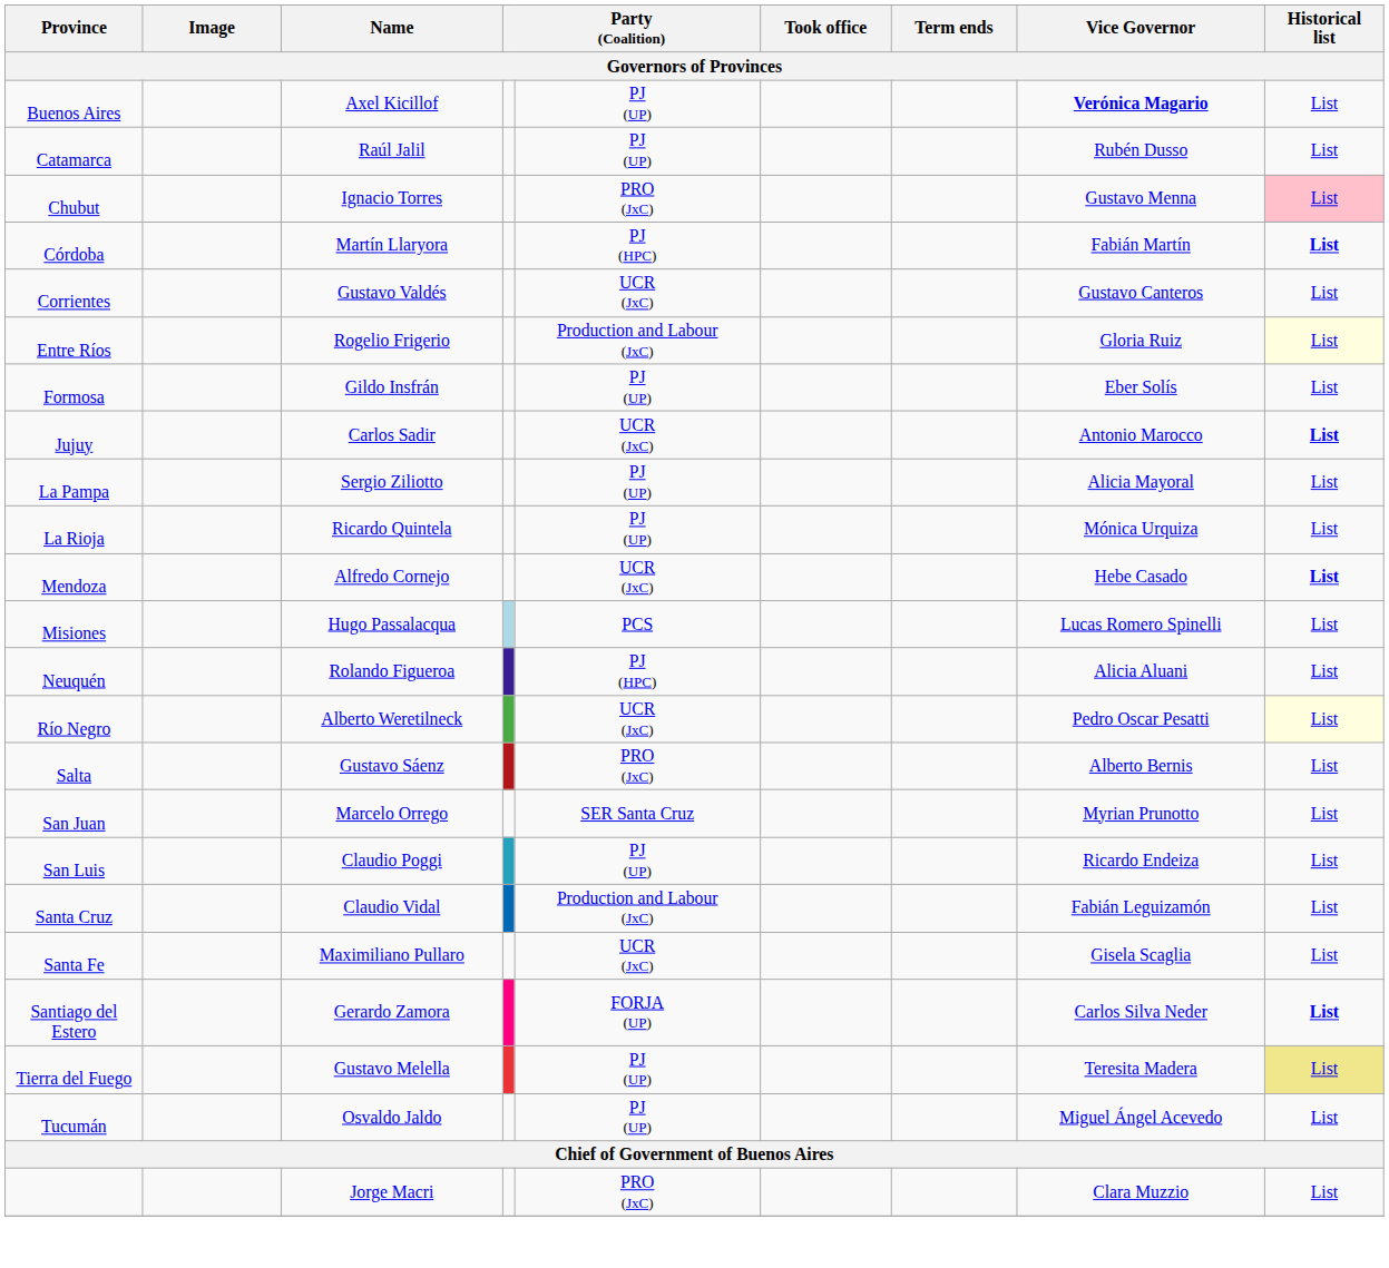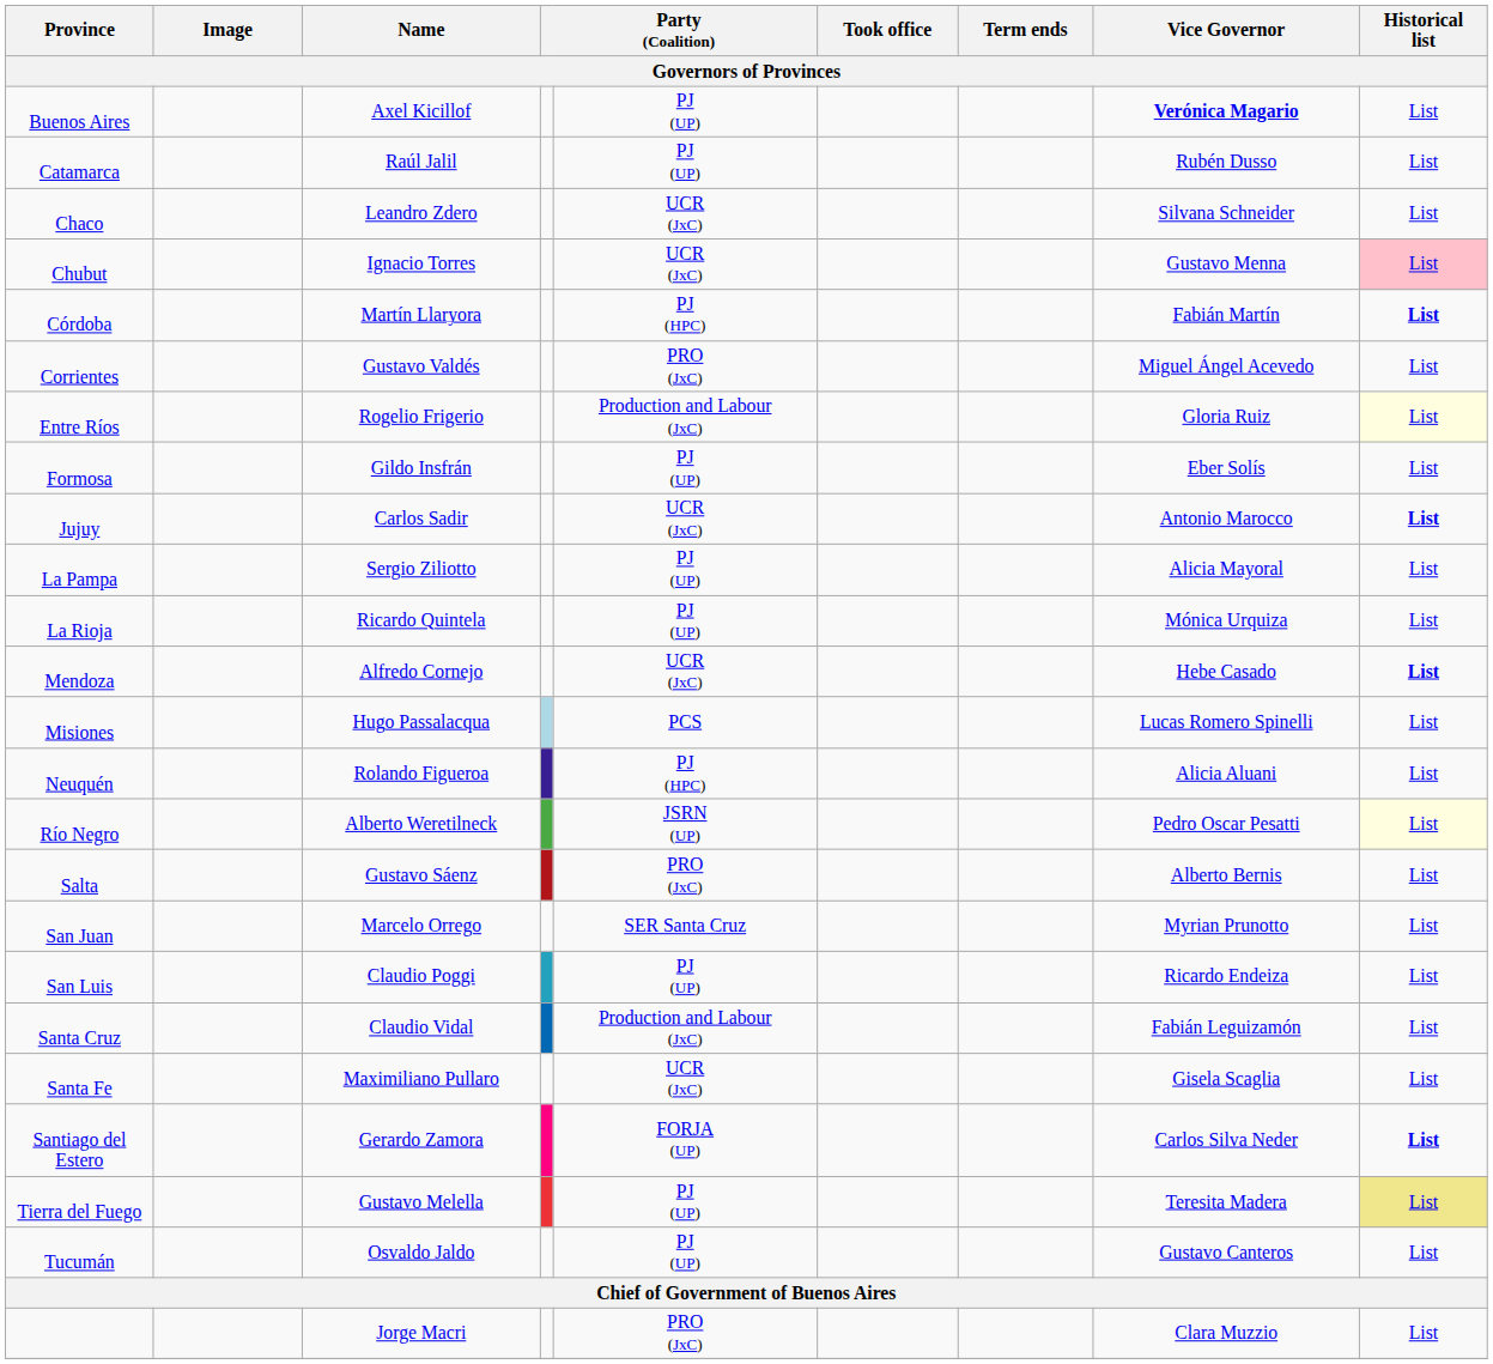 <table class="sortable wikitable" style="text-align: center;" width=100%>
 <tr>
 <th width=10%>Province</th>
 <th width=10% class=unsortable>Image</th>
 <th>Name</th>
 <th colspan=2>Party<br><small>(Coalition)</small></th>
 <th>Took office</th>
 <th>Term ends</th>
 <th>Vice Governor</th>
 <th class=unsortable>Historical<br>list</th>
 </tr>
 <tr>
 <th colspan="9">Governors of Provinces</th>
 </tr>
 <tr>
 <td><br><a href='#'>Buenos Aires</a></td>
 <td></td>
 <td><a href='#'>Axel Kicillof</a></td>
 <td></td>
 <td><a href='#'>PJ</a><br><small>(<a href='#'>UP</a>)</small></td>
 <td></td>
 <td></td>
 <td><strong><a href='#'>Verónica Magario</a></strong></td>
 <td><a href='#'>List</a></td>
 </tr>
 <tr>
 <td><br><a href='#'>Catamarca</a></td>
 <td></td>
 <td><a href='#'>Raúl Jalil</a></td>
 <td></td>
 <td><a href='#'>PJ</a><br><small>(<a href='#'>UP</a>)</small></td>
 <td></td>
 <td></td>
 <td><a href='#'>Rubén Dusso</a></td>
 <td><a href='#'>List</a></td>
 </tr>
 <tr>
+<td><br><a href='#'>Chaco</a></td>
+<td></td>
+<td><a href='#'>Leandro Zdero</a></td>
+<td></td>
+<td><a href='#'>UCR</a><br><small>(<a href='#'>JxC</a>)</small></td>
+<td></td>
+<td></td>
+<td><a href='#'>Silvana Schneider</a></td>
+<td><a href='#'>List</a></td>
+</tr>
+<tr>
 <td><br><a href='#'>Chubut</a></td>
 <td></td>
 <td><a href='#'>Ignacio Torres</a></td>
 <td></td>
-<td><a href='#'>PRO</a><br><small>(<a href='#'>JxC</a>)</small></td>
+<td><a href='#'>UCR</a><br><small>(<a href='#'>JxC</a>)</small></td>
 <td></td>
 <td></td>
 <td><a href='#'>Gustavo Menna</a></td>
 <td style="background: pink;"><a href='#'>List</a></td>
 </tr>
 <tr>
 <td><br><a href='#'>Córdoba</a></td>
 <td></td>
 <td><a href='#'>Martín Llaryora</a></td>
 <td></td>
 <td><a href='#'>PJ</a><br><small>(<a href='#'>HPC</a>)</small></td>
 <td></td>
 <td></td>
 <td><a href='#'>Fabián Martín</a></td>
 <td><strong><a href='#'>List</a></strong></td>
 </tr>
 <tr>
 <td><br><a href='#'>Corrientes</a></td>
 <td></td>
 <td><a href='#'>Gustavo Valdés</a></td>
 <td></td>
-<td><a href='#'>UCR</a><br><small>(<a href='#'>JxC</a>)</small></td>
+<td><a href='#'>PRO</a><br><small>(<a href='#'>JxC</a>)</small></td>
 <td></td>
 <td><br></td>
-<td><a href='#'>Gustavo Canteros</a></td>
+<td><a href='#'>Miguel Ángel Acevedo</a></td>
 <td><a href='#'>List</a></td>
 </tr>
 <tr>
 <td><br><a href='#'>Entre Ríos</a></td>
 <td></td>
 <td><a href='#'>Rogelio Frigerio</a></td>
 <td></td>
 <td><a href='#'>Production and Labour</a><br><small>(<a href='#'>JxC</a>)</small></td>
 <td></td>
 <td></td>
 <td><a href='#'>Gloria Ruiz</a></td>
 <td style="background: lightyellow;"><a href='#'>List</a></td>
 </tr>
 <tr>
 <td><br><a href='#'>Formosa</a></td>
 <td></td>
 <td><a href='#'>Gildo Insfrán</a></td>
 <td></td>
 <td><a href='#'>PJ</a><br><small>(<a href='#'>UP</a>)</small></td>
 <td></td>
 <td></td>
 <td><a href='#'>Eber Solís</a><br></td>
 <td><a href='#'>List</a></td>
 </tr>
 <tr>
 <td><br><a href='#'>Jujuy</a></td>
 <td></td>
 <td><a href='#'>Carlos Sadir</a></td>
 <td></td>
 <td><a href='#'>UCR</a><br><small>(<a href='#'>JxC</a>)</small></td>
 <td></td>
 <td></td>
 <td><a href='#'>Antonio Marocco</a></td>
 <td><strong><a href='#'>List</a></strong></td>
 </tr>
 <tr>
 <td><br><a href='#'>La Pampa</a></td>
 <td></td>
 <td><a href='#'>Sergio Ziliotto</a></td>
 <td></td>
 <td><a href='#'>PJ</a><br><small>(<a href='#'>UP</a>)</small></td>
 <td></td>
 <td><br></td>
 <td><a href='#'>Alicia Mayoral</a><br></td>
 <td><a href='#'>List</a></td>
 </tr>
 <tr>
 <td><br><a href='#'>La Rioja</a></td>
 <td></td>
 <td><a href='#'>Ricardo Quintela</a></td>
 <td></td>
 <td><a href='#'>PJ</a><br><small>(<a href='#'>UP</a>)</small></td>
 <td></td>
 <td></td>
 <td><a href='#'>Mónica Urquiza</a></td>
 <td><a href='#'>List</a></td>
 </tr>
 <tr>
 <td><br><a href='#'>Mendoza</a></td>
 <td></td>
 <td><a href='#'>Alfredo Cornejo</a></td>
 <td></td>
 <td><a href='#'>UCR</a><br><small>(<a href='#'>JxC</a>)</small></td>
 <td></td>
 <td><br></td>
 <td><a href='#'>Hebe Casado</a></td>
 <td><strong><a href='#'>List</a></strong></td>
 </tr>
 <tr>
 <td><br><a href='#'>Misiones</a></td>
 <td></td>
 <td><a href='#'>Hugo Passalacqua</a></td>
 <td bgcolor="#ADD8E6"></td>
 <td><a href='#'>PCS</a></td>
 <td></td>
 <td></td>
 <td><a href='#'>Lucas Romero Spinelli</a></td>
 <td><a href='#'>List</a></td>
 </tr>
 <tr>
 <td><br><a href='#'>Neuquén</a></td>
 <td></td>
 <td><a href='#'>Rolando Figueroa</a></td>
 <td bgcolor="#391D92"></td>
 <td><a href='#'>PJ</a><br><small>(<a href='#'>HPC</a>)</small></td>
 <td></td>
 <td></td>
 <td><a href='#'>Alicia Aluani</a></td>
 <td><a href='#'>List</a></td>
 </tr>
 <tr>
 <td><br><a href='#'>Río Negro</a></td>
 <td></td>
 <td><a href='#'>Alberto Weretilneck</a></td>
 <td bgcolor="#49A942"></td>
-<td><a href='#'>UCR</a><br><small>(<a href='#'>JxC</a>)</small></td>
+<td><a href='#'>JSRN</a><br><small>(<a href='#'>UP</a>)</small></td>
 <td></td>
 <td></td>
 <td><a href='#'>Pedro Oscar Pesatti</a></td>
 <td style="background: lightyellow;"><a href='#'>List</a></td>
 </tr>
 <tr>
 <td><br><a href='#'>Salta</a></td>
 <td></td>
 <td><a href='#'>Gustavo Sáenz</a></td>
 <td bgcolor="B21519"></td>
 <td><a href='#'>PRO</a><br><small>(<a href='#'>JxC</a>)</small></td>
 <td></td>
 <td><br></td>
 <td><a href='#'>Alberto Bernis</a></td>
 <td><a href='#'>List</a></td>
 </tr>
 <tr>
 <td><br><a href='#'>San Juan</a></td>
 <td></td>
 <td><a href='#'>Marcelo Orrego</a></td>
 <td></td>
 <td><a href='#'>SER Santa Cruz</a></td>
 <td></td>
 <td></td>
 <td><a href='#'>Myrian Prunotto</a></td>
 <td><a href='#'>List</a></td>
 </tr>
 <tr>
 <td><br><a href='#'>San Luis</a></td>
 <td></td>
 <td><a href='#'>Claudio Poggi</a></td>
 <td bgcolor="#24A1BD"></td>
 <td><a href='#'>PJ</a><br><small>(<a href='#'>UP</a>)</small></td>
 <td></td>
 <td></td>
 <td><a href='#'>Ricardo Endeiza</a></td>
 <td><a href='#'>List</a></td>
 </tr>
 <tr>
 <td><br><a href='#'>Santa Cruz</a></td>
 <td></td>
 <td><a href='#'>Claudio Vidal</a></td>
 <td bgcolor="#0268B3"></td>
 <td><a href='#'>Production and Labour</a><br><small>(<a href='#'>JxC</a>)</small></td>
 <td></td>
 <td></td>
 <td><a href='#'>Fabián Leguizamón</a></td>
 <td><a href='#'>List</a></td>
 </tr>
 <tr>
 <td><br><a href='#'>Santa Fe</a></td>
 <td></td>
 <td><a href='#'>Maximiliano Pullaro</a></td>
 <td></td>
 <td><a href='#'>UCR</a><br><small>(<a href='#'>JxC</a>)</small></td>
 <td></td>
 <td></td>
 <td><a href='#'>Gisela Scaglia</a></td>
 <td><a href='#'>List</a></td>
 </tr>
 <tr>
 <td><br><a href='#'>Santiago del Estero</a></td>
 <td></td>
 <td><a href='#'>Gerardo Zamora</a></td>
 <td bgcolor="#FF0080"></td>
 <td><a href='#'>FORJA</a><br><small>(<a href='#'>UP</a>)</small></td>
 <td></td>
 <td><br></td>
 <td><a href='#'>Carlos Silva Neder</a></td>
 <td><strong><a href='#'>List</a></strong></td>
 </tr>
 <tr>
 <td><br><a href='#'>Tierra del Fuego</a></td>
 <td></td>
 <td><a href='#'>Gustavo Melella</a></td>
 <td bgcolor="#ed3237"></td>
 <td><a href='#'>PJ</a><br><small>(<a href='#'>UP</a>)</small></td>
 <td></td>
 <td><br></td>
 <td><a href='#'>Teresita Madera</a><br></td>
 <td style="background: khaki;"><a href='#'>List</a></td>
 </tr>
 <tr>
 <td><br><a href='#'>Tucumán</a></td>
 <td></td>
 <td><a href='#'>Osvaldo Jaldo</a></td>
 <td></td>
 <td><a href='#'>PJ</a><br><small>(<a href='#'>UP</a>)</small></td>
 <td></td>
 <td></td>
-<td><a href='#'>Miguel Ángel Acevedo</a></td>
+<td><a href='#'>Gustavo Canteros</a></td>
 <td><a href='#'>List</a></td>
 </tr>
 <tr>
 <th colspan="9">Chief of Government of Buenos Aires</th>
 </tr>
 <tr>
 <td><br></td>
 <td></td>
 <td><a href='#'>Jorge Macri</a></td>
 <td></td>
 <td><a href='#'>PRO</a><br><small>(<a href='#'>JxC</a>)</small></td>
 <td></td>
 <td></td>
 <td><a href='#'>Clara Muzzio</a></td>
 <td><a href='#'>List</a></td>
 </tr>
 <tr>
 </tr>
 </table>
